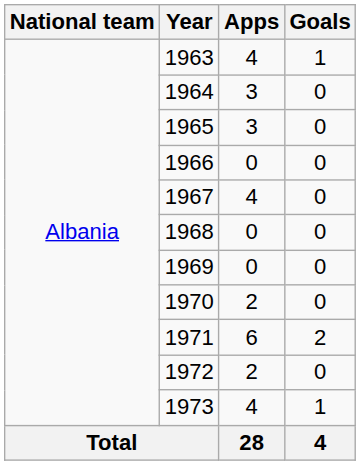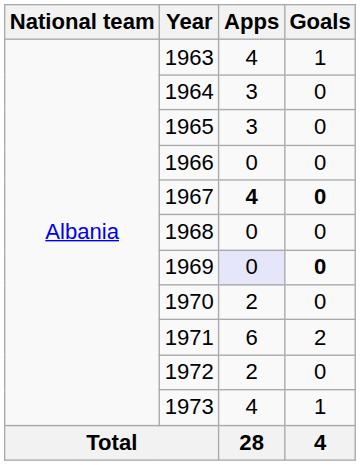 <table class=wikitable style="text-align: center;">
 <tr>
 <th>National team</th>
 <th>Year</th>
 <th>Apps</th>
 <th>Goals</th>
 </tr>
 <tr>
 <td rowspan=11><a href='#'>Albania</a></td>
 <td>1963</td>
 <td>4</td>
 <td>1</td>
 </tr>
 <tr>
 <td>1964</td>
 <td>3</td>
 <td>0</td>
 </tr>
 <tr>
 <td>1965</td>
 <td>3</td>
 <td>0</td>
 </tr>
 <tr>
 <td>1966</td>
 <td>0</td>
 <td>0</td>
 </tr>
 <tr>
 <td>1967</td>
-<td>4</td>
-<td>0</td>
+<td><strong>4</strong></td>
+<td><strong>0</strong></td>
 </tr>
 <tr>
 <td>1968</td>
 <td>0</td>
 <td>0</td>
 </tr>
 <tr>
 <td>1969</td>
-<td>0</td>
-<td>0</td>
+<td style="background: lavender;">0</td>
+<td><strong>0</strong></td>
 </tr>
 <tr>
 <td>1970</td>
 <td>2</td>
 <td>0</td>
 </tr>
 <tr>
 <td>1971</td>
 <td>6</td>
 <td>2</td>
 </tr>
 <tr>
 <td>1972</td>
 <td>2</td>
 <td>0</td>
 </tr>
 <tr>
 <td>1973</td>
 <td>4</td>
 <td>1</td>
 </tr>
 <tr>
 <th colspan=2>Total</th>
 <th>28</th>
 <th>4</th>
 </tr>
 </table>
